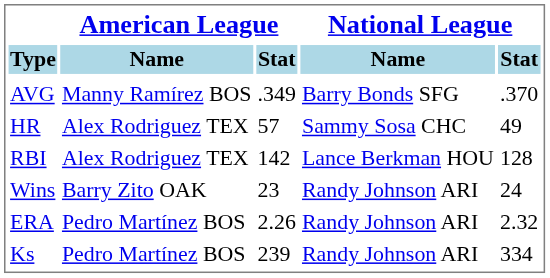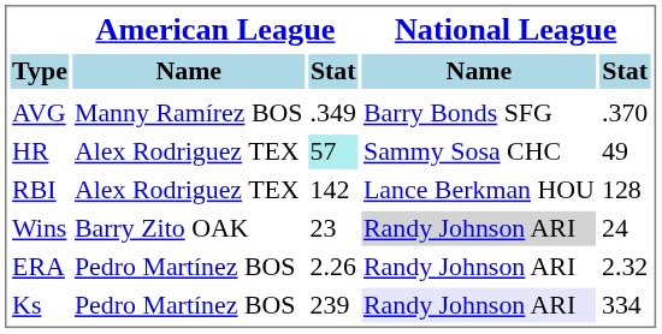 <table cellpadding="1" style="font-size: 90%; border: 1px solid gray;">
 <tr align="center" style="font-size: larger;">
 <td> </td>
 <th colspan=2><a href='#'>American League</a></th>
 <th colspan=2><a href='#'>National League</a></th>
 </tr>
 <tr style="background:lightblue;">
 <th>Type</th>
 <th>Name</th>
 <th>Stat</th>
 <th>Name</th>
 <th>Stat</th>
 </tr>
 <tr align="center" style="vertical-align: middle;" style="background:lightblue;">
 </tr>
 <tr>
 <td><a href='#'>AVG</a></td>
 <td><a href='#'>Manny Ramírez</a> BOS</td>
 <td>.349</td>
 <td><a href='#'>Barry Bonds</a> SFG</td>
 <td>.370</td>
 </tr>
 <tr>
 <td><a href='#'>HR</a></td>
 <td><a href='#'>Alex Rodriguez</a> TEX</td>
-<td>57</td>
+<td style="background: paleturquoise;">57</td>
 <td><a href='#'>Sammy Sosa</a> CHC</td>
 <td>49</td>
 </tr>
 <tr>
 <td><a href='#'>RBI</a></td>
 <td><a href='#'>Alex Rodriguez</a> TEX</td>
 <td>142</td>
 <td><a href='#'>Lance Berkman</a> HOU</td>
 <td>128</td>
 </tr>
 <tr>
 <td><a href='#'>Wins</a></td>
 <td><a href='#'>Barry Zito</a> OAK</td>
 <td>23</td>
-<td><a href='#'>Randy Johnson</a> ARI</td>
+<td style="background: lightgrey;"><a href='#'>Randy Johnson</a> ARI</td>
 <td>24</td>
 </tr>
 <tr>
 <td><a href='#'>ERA</a></td>
 <td><a href='#'>Pedro Martínez</a> BOS</td>
 <td>2.26</td>
 <td><a href='#'>Randy Johnson</a> ARI</td>
 <td>2.32</td>
 </tr>
 <tr>
 <td><a href='#'>Ks</a></td>
 <td><a href='#'>Pedro Martínez</a> BOS</td>
 <td>239</td>
-<td><a href='#'>Randy Johnson</a> ARI</td>
+<td style="background: lavender;"><a href='#'>Randy Johnson</a> ARI</td>
 <td>334</td>
 </tr>
 </table>
